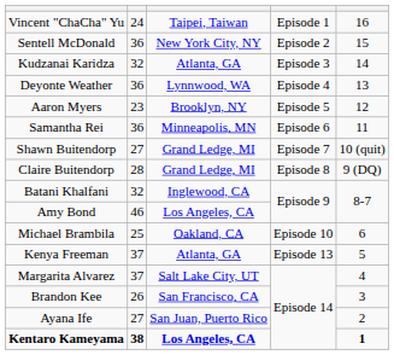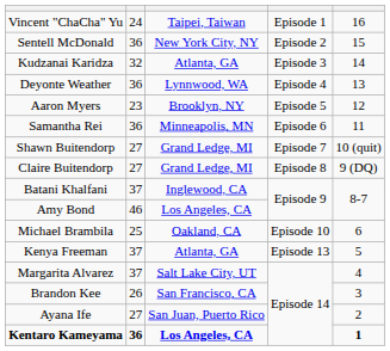 <table class="wikitable sortable" style="text-align:center;">
 <tr>
 <th></th>
 <th></th>
 <th></th>
 <th></th>
 <th></th>
 </tr>
 <tr>
 <td>Vincent "ChaCha" Yu</td>
 <td>24</td>
 <td><a href='#'>Taipei, Taiwan</a></td>
 <td>Episode 1</td>
 <td>16</td>
 </tr>
 <tr>
 <td>Sentell McDonald</td>
 <td>36</td>
 <td><a href='#'>New York City, NY</a></td>
 <td>Episode 2</td>
 <td>15</td>
 </tr>
 <tr>
 <td>Kudzanai Karidza</td>
 <td>32</td>
 <td><a href='#'>Atlanta, GA</a></td>
 <td>Episode 3</td>
 <td>14</td>
 </tr>
 <tr>
 <td>Deyonte Weather</td>
 <td>36</td>
 <td><a href='#'>Lynnwood, WA</a></td>
 <td>Episode 4</td>
 <td>13</td>
 </tr>
 <tr>
 <td>Aaron Myers</td>
 <td>23</td>
 <td><a href='#'>Brooklyn, NY</a></td>
 <td>Episode 5</td>
 <td>12</td>
 </tr>
 <tr>
 <td>Samantha Rei</td>
 <td>36</td>
 <td><a href='#'>Minneapolis, MN</a></td>
 <td>Episode 6</td>
 <td>11</td>
 </tr>
 <tr>
 <td>Shawn Buitendorp</td>
 <td>27</td>
 <td><a href='#'>Grand Ledge, MI</a></td>
 <td>Episode 7</td>
 <td>10 (quit)</td>
 </tr>
 <tr>
 <td>Claire Buitendorp</td>
-<td>28</td>
+<td>27</td>
 <td><a href='#'>Grand Ledge, MI</a></td>
 <td>Episode 8</td>
 <td>9 (DQ)</td>
 </tr>
 <tr>
 <td>Batani Khalfani</td>
-<td>32</td>
+<td>37</td>
 <td><a href='#'>Inglewood, CA</a></td>
 <td rowspan="2">Episode 9</td>
 <td rowspan="2">8-7</td>
 </tr>
 <tr>
 <td>Amy Bond</td>
 <td>46</td>
 <td><a href='#'>Los Angeles, CA</a></td>
 </tr>
 <tr>
 <td>Michael Brambila</td>
 <td>25</td>
 <td><a href='#'>Oakland, CA</a></td>
 <td>Episode 10</td>
 <td>6</td>
 </tr>
 <tr>
 <td>Kenya Freeman</td>
 <td>37</td>
 <td><a href='#'>Atlanta, GA</a></td>
 <td>Episode 13</td>
 <td>5</td>
 </tr>
 <tr>
 <td>Margarita Alvarez</td>
 <td>37</td>
 <td><a href='#'>Salt Lake City, UT</a></td>
 <td rowspan="4">Episode 14</td>
 <td>4</td>
 </tr>
 <tr>
 <td>Brandon Kee</td>
 <td>26</td>
 <td><a href='#'>San Francisco, CA</a></td>
 <td>3</td>
 </tr>
 <tr>
 <td>Ayana Ife</td>
 <td>27</td>
 <td><a href='#'>San Juan, Puerto Rico</a></td>
 <td>2</td>
 </tr>
 <tr>
 <td><strong>Kentaro Kameyama</strong></td>
-<td><strong>38</strong></td>
+<td><strong>36</strong></td>
 <td><strong><a href='#'>Los Angeles, CA</a></strong></td>
 <td><strong>1</strong></td>
 </tr>
 </table>
